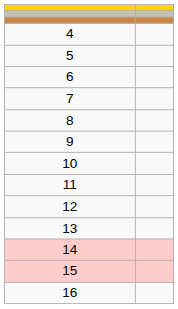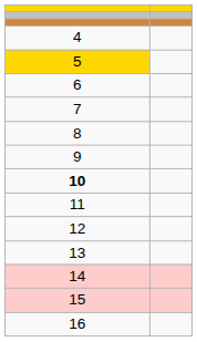 <table class="wikitable" style="width:200px;">
 <tr style="background:gold;">
 <td align=center></td>
 <td></td>
 </tr>
 <tr style="background:silver;">
 <td align=center></td>
 <td></td>
 </tr>
 <tr style="background:peru;">
 <td align=center></td>
 <td></td>
 </tr>
 <tr>
 <td align=center>4</td>
 <td></td>
 </tr>
 <tr>
-<td align=center>5</td>
+<td align=center style="background: gold;">5</td>
 <td></td>
 </tr>
 <tr>
 <td align=center>6</td>
 <td></td>
 </tr>
 <tr>
 <td align=center>7</td>
 <td></td>
 </tr>
 <tr>
 <td align=center>8</td>
 <td></td>
 </tr>
 <tr>
 <td align=center>9</td>
 <td></td>
 </tr>
 <tr>
-<td align=center>10</td>
+<td align=center><strong>10</strong></td>
 <td></td>
 </tr>
 <tr>
 <td align=center>11</td>
 <td></td>
 </tr>
 <tr>
 <td align=center>12</td>
 <td></td>
 </tr>
 <tr>
 <td align=center>13</td>
 <td></td>
 </tr>
 <tr style="background:#fcc;">
 <td align=center>14</td>
 <td></td>
 </tr>
 <tr style="background:#fcc;">
 <td align=center>15</td>
 <td></td>
 </tr>
 <tr>
 <td align=center>16</td>
 <td></td>
 </tr>
 </table>
